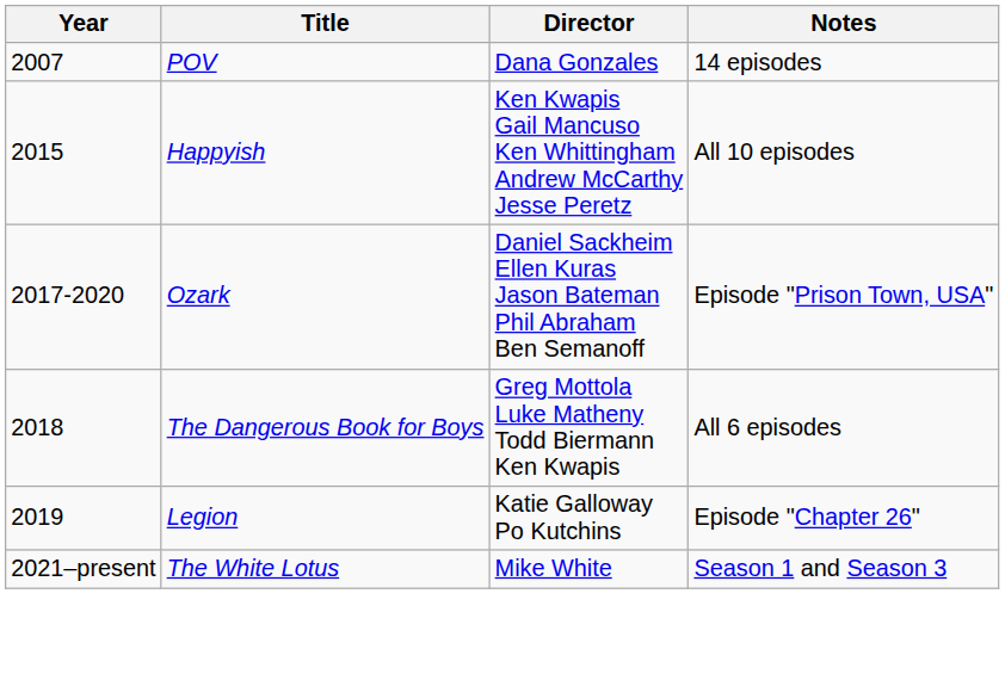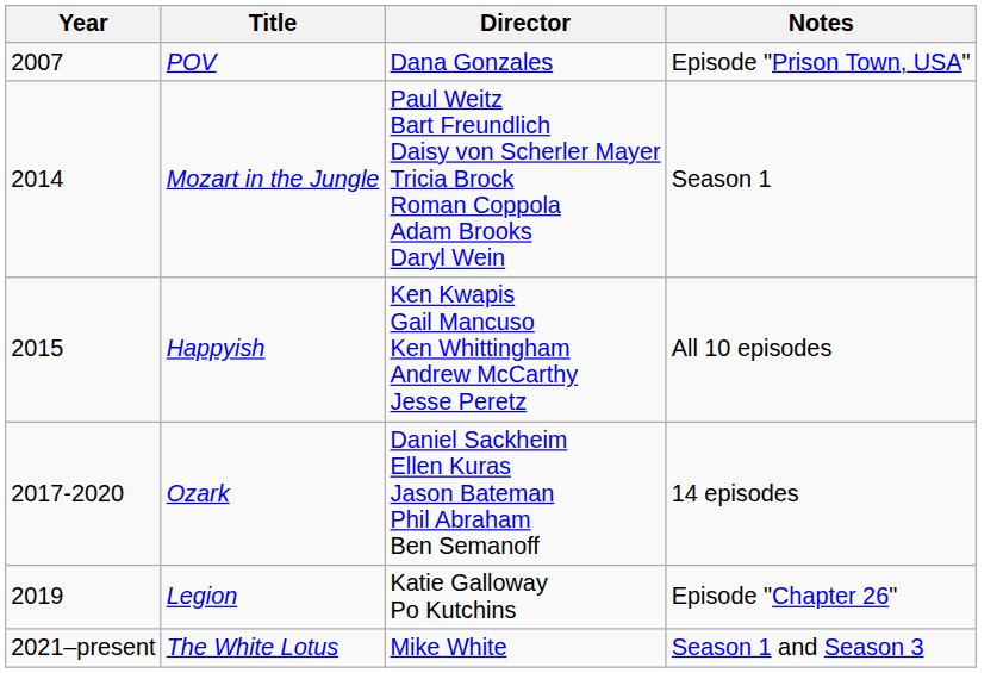 <table class="wikitable">
 <tr>
 <th>Year</th>
 <th>Title</th>
 <th>Director</th>
 <th>Notes</th>
 </tr>
 <tr>
 <td>2007</td>
 <td><em><a href='#'>POV</a></em></td>
 <td><a href='#'>Dana Gonzales</a></td>
-<td>14 episodes</td>
+<td>Episode "<a href='#'>Prison Town, USA</a>"</td>
+</tr>
+<tr>
+<td>2014</td>
+<td><em><a href='#'>Mozart in the Jungle</a></em></td>
+<td><a href='#'>Paul Weitz</a><br><a href='#'>Bart Freundlich</a><br><a href='#'>Daisy von Scherler Mayer</a><br><a href='#'>Tricia Brock</a><br><a href='#'>Roman Coppola</a><br><a href='#'>Adam Brooks</a><br><a href='#'>Daryl Wein</a></td>
+<td>Season 1</td>
 </tr>
 <tr>
 <td>2015</td>
 <td><em><a href='#'>Happyish</a></em></td>
 <td><a href='#'>Ken Kwapis</a><br><a href='#'>Gail Mancuso</a><br><a href='#'>Ken Whittingham</a><br><a href='#'>Andrew McCarthy</a><br><a href='#'>Jesse Peretz</a></td>
 <td>All 10 episodes</td>
 </tr>
 <tr>
 <td>2017-2020</td>
 <td><em><a href='#'>Ozark</a></em></td>
 <td><a href='#'>Daniel Sackheim</a><br><a href='#'>Ellen Kuras</a><br><a href='#'>Jason Bateman</a><br><a href='#'>Phil Abraham</a><br>Ben Semanoff</td>
-<td>Episode "<a href='#'>Prison Town, USA</a>"</td>
-</tr>
-<tr>
-<td>2018</td>
-<td><em><a href='#'>The Dangerous Book for Boys</a></em></td>
-<td><a href='#'>Greg Mottola</a><br><a href='#'>Luke Matheny</a><br>Todd Biermann<br>Ken Kwapis</td>
-<td>All 6 episodes</td>
+<td>14 episodes</td>
 </tr>
 <tr>
 <td>2019</td>
 <td><em><a href='#'>Legion</a></em></td>
 <td>Katie Galloway<br>Po Kutchins</td>
 <td>Episode "<a href='#'>Chapter 26</a>"</td>
 </tr>
 <tr>
 <td>2021–present</td>
 <td><em><a href='#'>The White Lotus</a></em></td>
 <td><a href='#'>Mike White</a></td>
 <td><a href='#'> Season 1</a> and <a href='#'>Season 3</a></td>
 </tr>
 </table>
